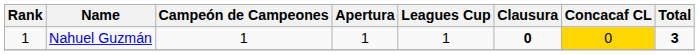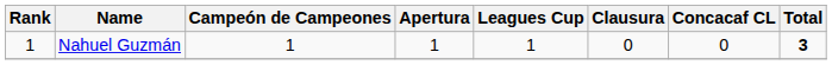 <table class="wikitable" style="text-align: center">
 <tr>
 <th>Rank</th>
 <th>Name</th>
 <th>Campeón de Campeones</th>
 <th>Apertura</th>
 <th>Leagues Cup</th>
 <th>Clausura</th>
 <th>Concacaf CL</th>
 <th>Total</th>
 </tr>
 <tr>
 <td>1</td>
 <td align=left> <a href='#'>Nahuel Guzmán</a></td>
 <td>1</td>
 <td>1</td>
 <td>1</td>
-<td><strong>0</strong></td>
-<td style="background: gold;">0</td>
+<td>0</td>
+<td>0</td>
 <td><strong>3</strong></td>
 </tr>
 <tr>
 </tr>
 </table>
